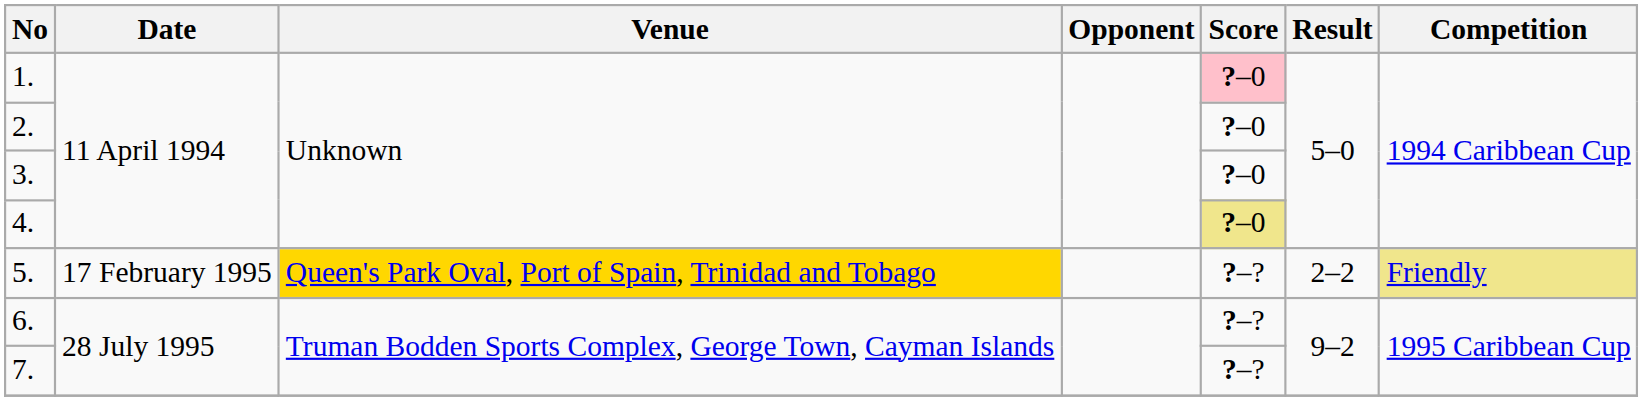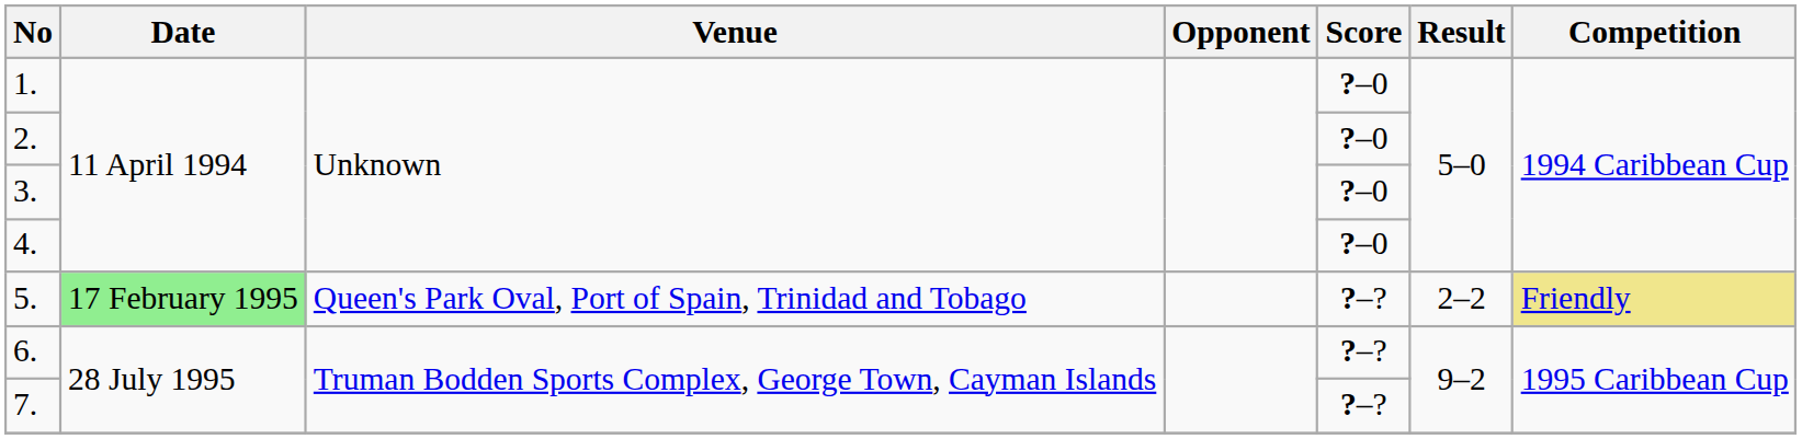 <table class="wikitable" style="font-size:85%;">
 <tr>
 <th>No</th>
 <th>Date</th>
 <th>Venue</th>
 <th>Opponent</th>
 <th>Score</th>
 <th>Result</th>
 <th>Competition</th>
 </tr>
 <tr>
 <td>1.</td>
 <td rowspan="4">11 April 1994</td>
 <td rowspan="4">Unknown</td>
 <td rowspan="4"></td>
-<td align=center style="background: pink;"><strong>?</strong>–0</td>
+<td align=center><strong>?</strong>–0</td>
 <td align=center rowspan="4">5–0</td>
 <td rowspan="4"><a href='#'>1994 Caribbean Cup</a></td>
 </tr>
 <tr>
 <td>2.</td>
 <td align=center><strong>?</strong>–0</td>
 </tr>
 <tr>
 <td>3.</td>
 <td align=center><strong>?</strong>–0</td>
 </tr>
 <tr>
 <td>4.</td>
-<td align=center style="background: khaki;"><strong>?</strong>–0</td>
+<td align=center><strong>?</strong>–0</td>
 </tr>
 <tr>
 <td>5.</td>
-<td>17 February 1995</td>
-<td style="background: gold;"><a href='#'>Queen's Park Oval</a>, <a href='#'>Port of Spain</a>, <a href='#'>Trinidad and Tobago</a></td>
+<td style="background: lightgreen;">17 February 1995</td>
+<td><a href='#'>Queen's Park Oval</a>, <a href='#'>Port of Spain</a>, <a href='#'>Trinidad and Tobago</a></td>
 <td></td>
 <td align=center><strong>?</strong>–?</td>
 <td align=center>2–2</td>
 <td style="background: khaki;"><a href='#'>Friendly</a></td>
 </tr>
 <tr>
 <td>6.</td>
 <td rowspan="2">28 July 1995</td>
 <td rowspan="2"><a href='#'>Truman Bodden Sports Complex</a>, <a href='#'>George Town</a>, <a href='#'>Cayman Islands</a></td>
 <td rowspan="2"></td>
 <td align=center><strong>?</strong>–?</td>
 <td rowspan="2" align=center>9–2</td>
 <td rowspan="2"><a href='#'>1995 Caribbean Cup</a></td>
 </tr>
 <tr>
 <td>7.</td>
 <td align=center><strong>?</strong>–?</td>
 </tr>
 <tr>
 </tr>
 </table>
